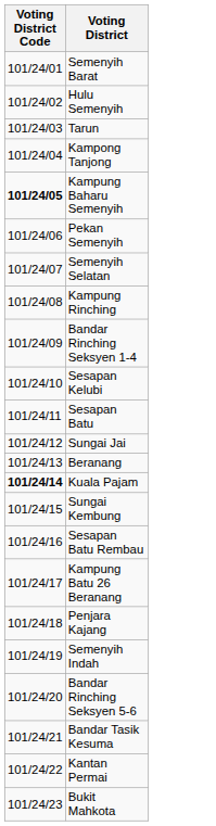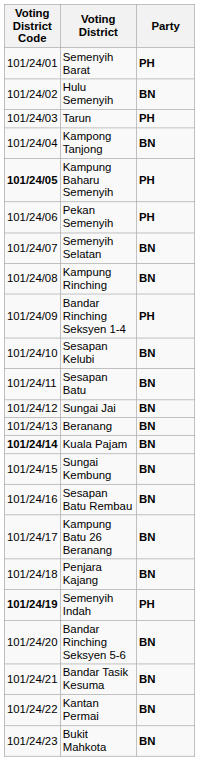 <table class ="wikitable sortable">
 <tr>
 <th style="width:30px;">Voting District Code</th>
 <th style="width:100px;">Voting District</th>
+<th style="width:75px;">Party</th>
 </tr>
 <tr>
 <td>101/24/01</td>
 <td>Semenyih Barat</td>
+<td><strong>PH</strong></td>
 </tr>
 <tr>
 <td>101/24/02</td>
 <td>Hulu Semenyih</td>
+<td><strong>BN</strong></td>
 </tr>
 <tr>
 <td>101/24/03</td>
 <td>Tarun</td>
+<td><strong>PH</strong></td>
 </tr>
 <tr>
 <td>101/24/04</td>
 <td>Kampong Tanjong</td>
+<td><strong>BN</strong></td>
 </tr>
 <tr>
 <td><strong>101/24/05</strong></td>
 <td>Kampung Baharu Semenyih</td>
+<td><strong>PH</strong></td>
 </tr>
 <tr>
 <td>101/24/06</td>
 <td>Pekan Semenyih</td>
+<td><strong>PH</strong></td>
 </tr>
 <tr>
 <td>101/24/07</td>
 <td>Semenyih Selatan</td>
+<td><strong>BN</strong></td>
 </tr>
 <tr>
 <td>101/24/08</td>
 <td>Kampung Rinching</td>
+<td><strong>BN</strong></td>
 </tr>
 <tr>
 <td>101/24/09</td>
 <td>Bandar Rinching Seksyen 1-4</td>
+<td><strong>PH</strong></td>
 </tr>
 <tr>
 <td>101/24/10</td>
 <td>Sesapan Kelubi</td>
+<td><strong>BN</strong></td>
 </tr>
 <tr>
 <td>101/24/11</td>
 <td>Sesapan Batu</td>
+<td><strong>BN</strong></td>
 </tr>
 <tr>
 <td>101/24/12</td>
 <td>Sungai Jai</td>
+<td><strong>BN</strong></td>
 </tr>
 <tr>
 <td>101/24/13</td>
 <td>Beranang</td>
+<td><strong>BN</strong></td>
 </tr>
 <tr>
 <td><strong>101/24/14</strong></td>
 <td>Kuala Pajam</td>
+<td><strong>BN</strong></td>
 </tr>
 <tr>
 <td>101/24/15</td>
 <td>Sungai Kembung</td>
+<td><strong>BN</strong></td>
 </tr>
 <tr>
 <td>101/24/16</td>
 <td>Sesapan Batu Rembau</td>
+<td><strong>BN</strong></td>
 </tr>
 <tr>
 <td>101/24/17</td>
 <td>Kampung Batu 26 Beranang</td>
+<td><strong>BN</strong></td>
 </tr>
 <tr>
 <td>101/24/18</td>
 <td>Penjara Kajang</td>
+<td><strong>BN</strong></td>
 </tr>
 <tr>
-<td>101/24/19</td>
+<td><strong>101/24/19</strong></td>
 <td>Semenyih Indah</td>
+<td><strong>PH</strong></td>
 </tr>
 <tr>
 <td>101/24/20</td>
 <td>Bandar Rinching Seksyen 5-6</td>
+<td><strong>BN</strong></td>
 </tr>
 <tr>
 <td>101/24/21</td>
 <td>Bandar Tasik Kesuma</td>
+<td><strong>BN</strong></td>
 </tr>
 <tr>
 <td>101/24/22</td>
 <td>Kantan Permai</td>
+<td><strong>BN</strong></td>
 </tr>
 <tr>
 <td>101/24/23</td>
 <td>Bukit Mahkota</td>
+<td><strong>BN</strong></td>
 </tr>
 </table>
